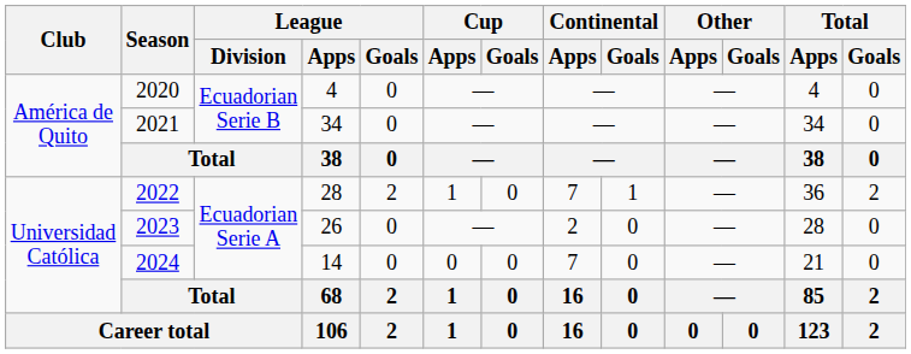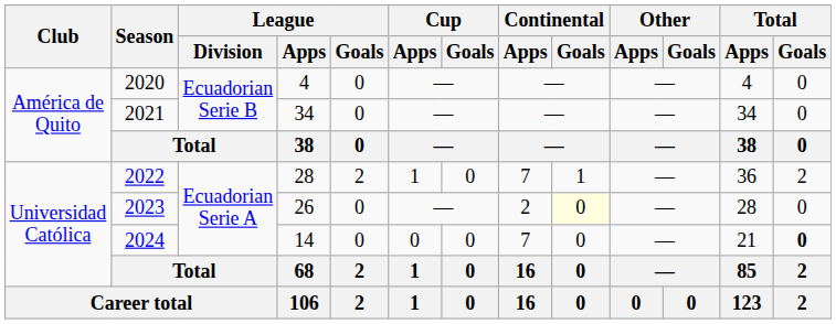 <table class="wikitable" style="text-align: center;">
 <tr>
 <th rowspan="2">Club</th>
 <th rowspan="2">Season</th>
 <th colspan="3">League</th>
 <th colspan="2">Cup</th>
 <th colspan="2">Continental</th>
 <th colspan="2">Other</th>
 <th colspan="2">Total</th>
 </tr>
 <tr>
 <th>Division</th>
 <th>Apps</th>
 <th>Goals</th>
 <th>Apps</th>
 <th>Goals</th>
 <th>Apps</th>
 <th>Goals</th>
 <th>Apps</th>
 <th>Goals</th>
 <th>Apps</th>
 <th>Goals</th>
 </tr>
 <tr>
 <td rowspan="3"><a href='#'>América de Quito</a></td>
 <td>2020</td>
 <td rowspan="2"><a href='#'>Ecuadorian Serie B</a></td>
 <td>4</td>
 <td>0</td>
 <td colspan="2">—</td>
 <td colspan="2">—</td>
 <td colspan="2">—</td>
 <td>4</td>
 <td>0</td>
 </tr>
 <tr>
 <td>2021</td>
 <td>34</td>
 <td>0</td>
 <td colspan="2">—</td>
 <td colspan="2">—</td>
 <td colspan="2">—</td>
 <td>34</td>
 <td>0</td>
 </tr>
 <tr>
 <th colspan="2">Total</th>
 <th>38</th>
 <th>0</th>
 <th colspan="2">—</th>
 <th colspan="2">—</th>
 <th colspan="2">—</th>
 <th>38</th>
 <th>0</th>
 </tr>
 <tr>
 <td rowspan="4"><a href='#'>Universidad Católica</a></td>
 <td><a href='#'>2022</a></td>
 <td rowspan="3"><a href='#'>Ecuadorian Serie A</a></td>
 <td>28</td>
 <td>2</td>
 <td>1</td>
 <td>0</td>
 <td>7</td>
 <td>1</td>
 <td colspan="2">—</td>
 <td>36</td>
 <td>2</td>
 </tr>
 <tr>
 <td><a href='#'>2023</a></td>
 <td>26</td>
 <td>0</td>
 <td colspan="2">—</td>
 <td>2</td>
-<td>0</td>
+<td style="background: lightyellow;">0</td>
 <td colspan="2">—</td>
 <td>28</td>
 <td>0</td>
 </tr>
 <tr>
 <td><a href='#'>2024</a></td>
 <td>14</td>
 <td>0</td>
 <td>0</td>
 <td>0</td>
 <td>7</td>
 <td>0</td>
 <td colspan="2">—</td>
 <td>21</td>
-<td>0</td>
+<td><strong>0</strong></td>
 </tr>
 <tr>
 <th colspan="2">Total</th>
 <th>68</th>
 <th>2</th>
 <th>1</th>
 <th>0</th>
 <th>16</th>
 <th>0</th>
 <th colspan="2">—</th>
 <th>85</th>
 <th>2</th>
 </tr>
 <tr>
 <th colspan="3">Career total</th>
 <th>106</th>
 <th>2</th>
 <th>1</th>
 <th>0</th>
 <th>16</th>
 <th>0</th>
 <th>0</th>
 <th>0</th>
 <th>123</th>
 <th>2</th>
 </tr>
 </table>
